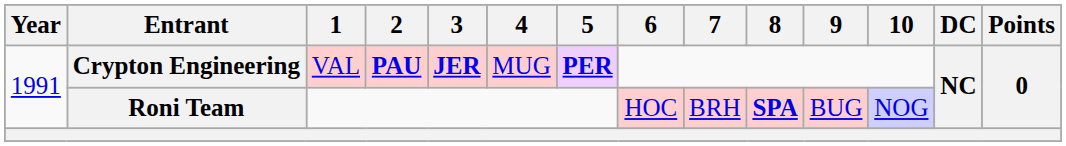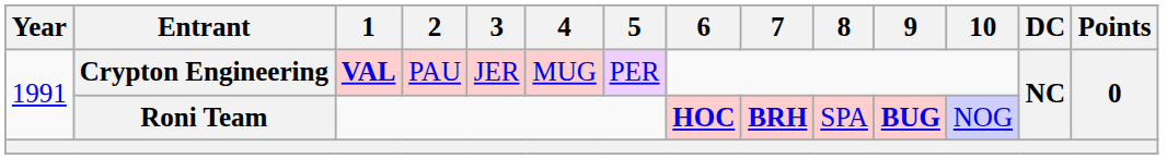 <table class="wikitable" style="text-align:center; font-size:85%">
 <tr>
 <th>Year</th>
 <th>Entrant</th>
 <th>1</th>
 <th>2</th>
 <th>3</th>
 <th>4</th>
 <th>5</th>
 <th>6</th>
 <th>7</th>
 <th>8</th>
 <th>9</th>
 <th>10</th>
 <th>DC</th>
 <th>Points</th>
 </tr>
 <tr>
 <td rowspan=2><a href='#'>1991</a></td>
 <th nowrap>Crypton Engineering</th>
-<td style="background:#FFCFCF;"><a href='#'>VAL</a><br></td>
-<td style="background:#FFCFCF;"><strong><a href='#'>PAU</a><br></strong></td>
-<td style="background:#FFCFCF;"><strong><a href='#'>JER</a><br></strong></td>
+<td style="background:#FFCFCF;"><strong><a href='#'>VAL</a><br></strong></td>
+<td style="background:#FFCFCF;"><a href='#'>PAU</a><br></td>
+<td style="background:#FFCFCF;"><a href='#'>JER</a><br></td>
 <td style="background:#FFCFCF;"><a href='#'>MUG</a><br></td>
-<td style="background:#EFCFFF;"><strong><a href='#'>PER</a><br></strong></td>
+<td style="background:#EFCFFF;"><a href='#'>PER</a><br></td>
 <td colspan=5></td>
 <th rowspan=2>NC</th>
 <th rowspan=2>0</th>
 </tr>
 <tr>
 <th nowrap>Roni Team</th>
 <td colspan=5></td>
-<td style="background:#FFCFCF;"><a href='#'>HOC</a><br></td>
-<td style="background:#FFCFCF;"><a href='#'>BRH</a><br></td>
-<td style="background:#FFCFCF;"><strong><a href='#'>SPA</a><br></strong></td>
-<td style="background:#FFCFCF;"><a href='#'>BUG</a><br></td>
+<td style="background:#FFCFCF;"><strong><a href='#'>HOC</a><br></strong></td>
+<td style="background:#FFCFCF;"><strong><a href='#'>BRH</a><br></strong></td>
+<td style="background:#FFCFCF;"><a href='#'>SPA</a><br></td>
+<td style="background:#FFCFCF;"><strong><a href='#'>BUG</a><br></strong></td>
 <td style="background:#CFCFFF;"><a href='#'>NOG</a><br></td>
 </tr>
 <tr>
 <th colspan="14"></th>
 </tr>
 </table>
